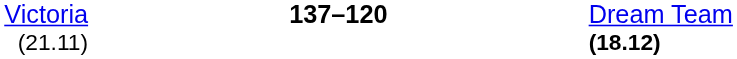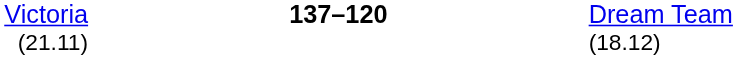 <table style="width:100%;" cellspacing="0" cellpadding="0">
 <tr>
 <td style="width:40%; text-align:right;"><a href='#'>Victoria</a></td>
 <td style="text-align:center; width:20px;"%><strong>137–120</strong></td>
 <td width=40%><a href='#'>Dream Team</a></td>
 </tr>
 <tr style=font-size:90%>
 <td align=right>(21.11)</td>
 <td align=center></td>
-<td align=left><strong>(18.12)</strong></td>
+<td align=left>(18.12)</td>
 </tr>
 </table>
